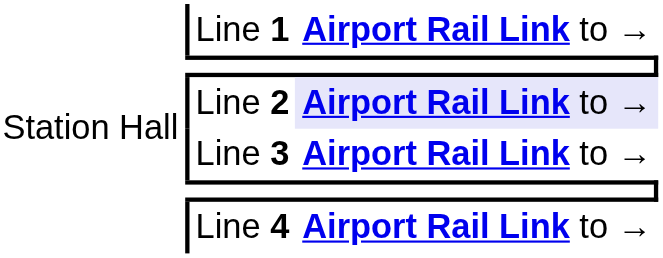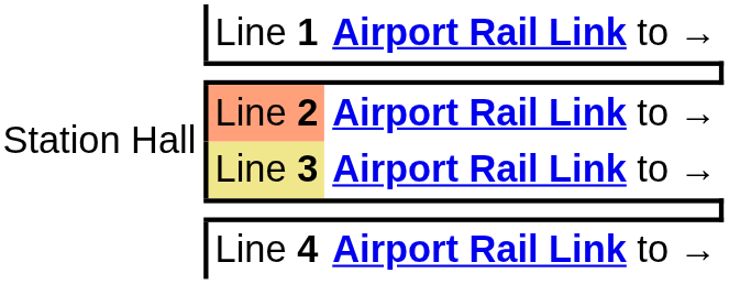 <table cellpadding="3" cellspacing="0" border="0">
 <tr>
 <td rowspan="6">Station Hall</td>
 <td style="border-left:solid 2px black">Line <strong>1</strong></td>
 <td> <strong><a href='#'>Airport Rail Link</a></strong> to   →</td>
 </tr>
 <tr>
 <td colspan="2" style="text-align:center; border-top:solid 2px black; border-right:solid 2px black; border-bottom:solid 2px black;"></td>
 </tr>
 <tr>
-<td style="border-left:solid 2px black">Line <strong>2</strong></td>
-<td style="background: lavender;"> <strong><a href='#'>Airport Rail Link</a></strong> to   →</td>
+<td style="background: lightsalmon; border-left:solid 2px black">Line <strong>2</strong></td>
+<td> <strong><a href='#'>Airport Rail Link</a></strong> to   →</td>
 </tr>
 <tr>
-<td style="border-left:solid 2px black">Line <strong>3</strong></td>
+<td style="background: khaki; border-left:solid 2px black">Line <strong>3</strong></td>
 <td> <strong><a href='#'>Airport Rail Link</a></strong> to   →</td>
 </tr>
 <tr>
 <td colspan="2" style="text-align:center; border-top:solid 2px black; border-right:solid 2px black; border-bottom:solid 2px black;"></td>
 </tr>
 <tr>
 <td style="border-left:solid 2px black">Line <strong>4</strong></td>
 <td> <strong><a href='#'>Airport Rail Link</a></strong> to   →</td>
 </tr>
 </table>
